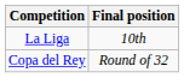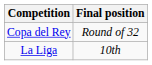 <table class="wikitable" style="font-size:100%; text-align:center">
 <tr>
 <th>Competition</th>
 <th>Final position</th>
 </tr>
 <tr style="background:">
+<td><a href='#'>Copa del Rey</a></td>
+<td><em>Round of 32</em></td>
+</tr>
+<tr style="background:">
 <td><a href='#'>La Liga</a></td>
 <td><em>10th</em></td>
 </tr>
-<tr style="background:">
-<td><a href='#'>Copa del Rey</a></td>
-<td><em>Round of 32</em></td>
-</tr>
 </table>
